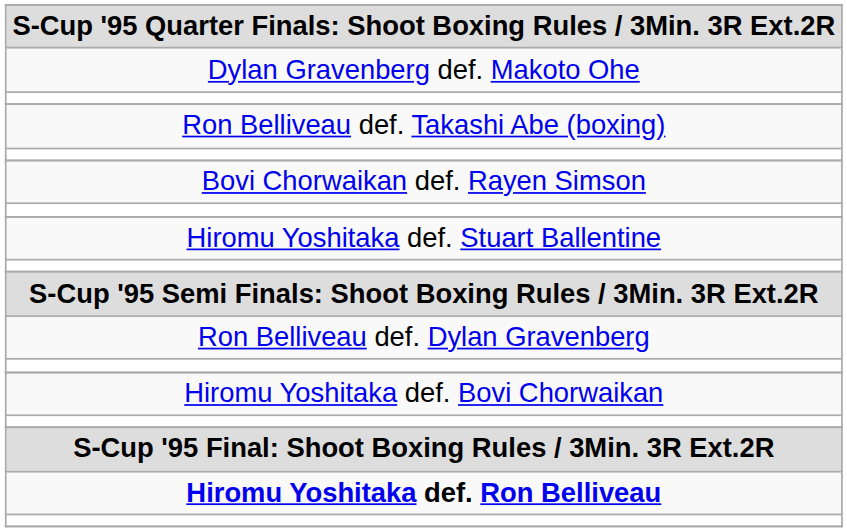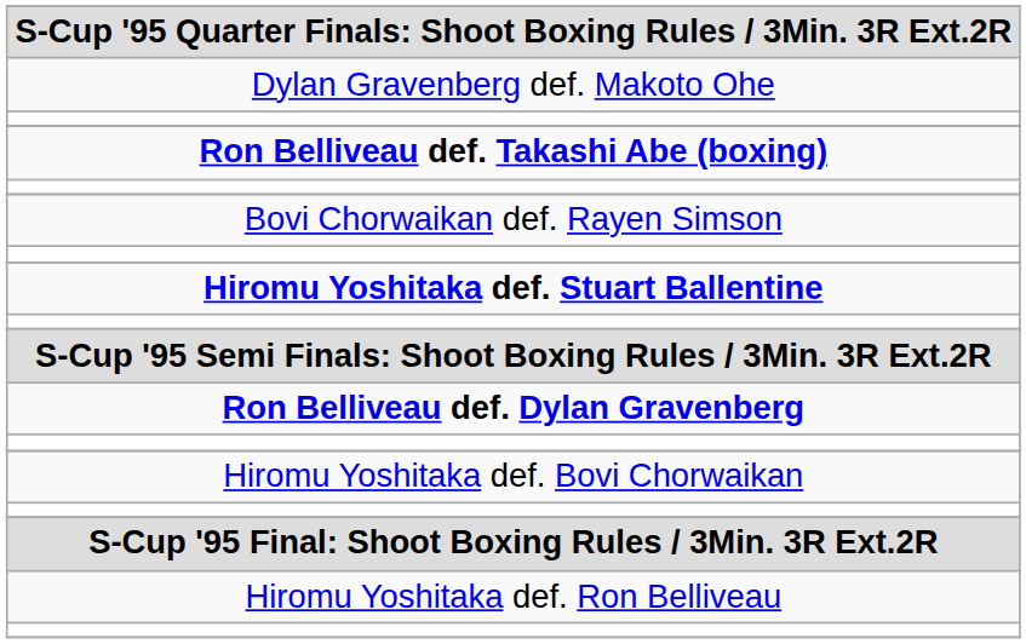 <table class="wikitable"  style="clear:both; margin:1.5em auto; text-align:center;">
 <tr>
 </tr>
 <tr align="center"  bgcolor="#dddddd">
 <td><strong>S-Cup '95 Quarter Finals: Shoot Boxing Rules / 3Min. 3R Ext.2R</strong></td>
 </tr>
 <tr align="center"  bgcolor=>
 <td align=center> <a href='#'>Dylan Gravenberg</a> def. <a href='#'>Makoto Ohe</a> </td>
 </tr>
 <tr>
 <th style=background:white colspan=2></th>
 </tr>
 <tr>
 </tr>
 <tr align="center"  bgcolor=>
-<td align=center>  <a href='#'>Ron Belliveau</a> def. <a href='#'>Takashi Abe (boxing)</a> </td>
+<td align=center><strong>  <a href='#'>Ron Belliveau</a> def. <a href='#'>Takashi Abe (boxing)</a> </strong></td>
 </tr>
 <tr>
 <th style=background:white colspan=2></th>
 </tr>
 <tr>
 </tr>
 <tr align="center"  bgcolor=>
 <td align=center> <a href='#'>Bovi Chorwaikan</a> def. <a href='#'>Rayen Simson</a> </td>
 </tr>
 <tr>
 <th style=background:white colspan=2></th>
 </tr>
 <tr>
 </tr>
 <tr align="center"  bgcolor=>
-<td align=center> <a href='#'>Hiromu Yoshitaka</a> def. <a href='#'>Stuart Ballentine</a> </td>
+<td align=center><strong> <a href='#'>Hiromu Yoshitaka</a> def. <a href='#'>Stuart Ballentine</a> </strong></td>
 </tr>
 <tr>
 <th style=background:white colspan=2></th>
 </tr>
 <tr>
 </tr>
 <tr align="center"  bgcolor="#dddddd">
 <td><strong>S-Cup '95 Semi Finals: Shoot Boxing Rules / 3Min. 3R Ext.2R</strong></td>
 </tr>
 <tr align="center"  bgcolor=>
-<td align=center> <a href='#'>Ron Belliveau</a> def. <a href='#'>Dylan Gravenberg</a> </td>
+<td align=center><strong> <a href='#'>Ron Belliveau</a> def. <a href='#'>Dylan Gravenberg</a> </strong></td>
 </tr>
 <tr>
 <th style=background:white colspan=2></th>
 </tr>
 <tr>
 </tr>
 <tr align="center"  bgcolor=>
 <td align=center> <a href='#'>Hiromu Yoshitaka</a> def. <a href='#'>Bovi Chorwaikan</a> </td>
 </tr>
 <tr>
 <th style=background:white colspan=2></th>
 </tr>
 <tr>
 </tr>
 <tr align="center"  bgcolor="#dddddd">
 <td><strong>S-Cup '95 Final: Shoot Boxing Rules / 3Min. 3R Ext.2R</strong></td>
 </tr>
 <tr align="center"  bgcolor=>
-<td align=center><strong> <a href='#'>Hiromu Yoshitaka</a> def. <a href='#'>Ron Belliveau</a> </strong></td>
+<td align=center> <a href='#'>Hiromu Yoshitaka</a> def. <a href='#'>Ron Belliveau</a> </td>
 </tr>
 <tr>
 <th style=background:white colspan=2></th>
 </tr>
 <tr>
 </tr>
 </table>
